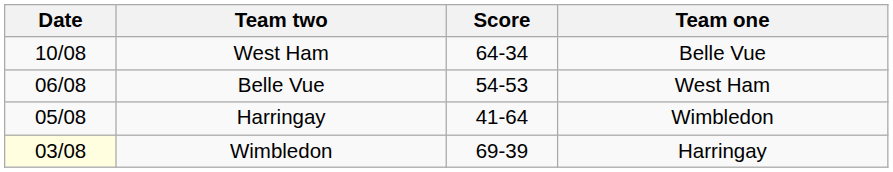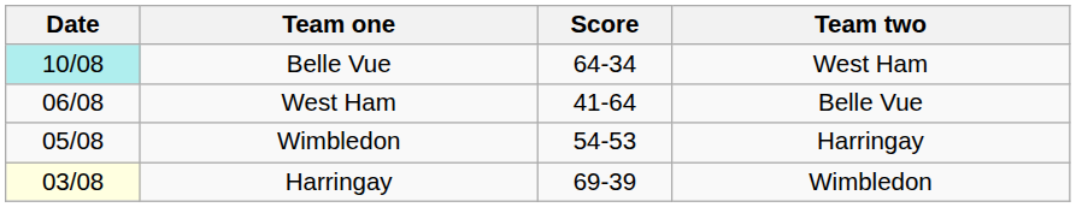 <table class="wikitable" style="text-align: center">
 <tr>
 <th width=80>Date</th>
+<th width=250>Team one</th>
+<th width=80>Score</th>
 <th width=250>Team two</th>
-<th width=80>Score</th>
-<th width=250>Team one</th>
 </tr>
 <tr>
-<td>10/08</td>
+<td style="background: paleturquoise;">10/08</td>
+<td>Belle Vue</td>
+<td>64-34</td>
 <td>West Ham</td>
-<td>64-34</td>
+</tr>
+<tr>
+<td>06/08</td>
+<td>West Ham</td>
+<td>41-64</td>
 <td>Belle Vue</td>
 </tr>
 <tr>
-<td>06/08</td>
-<td>Belle Vue</td>
+<td>05/08</td>
+<td>Wimbledon</td>
 <td>54-53</td>
-<td>West Ham</td>
-</tr>
-<tr>
-<td>05/08</td>
 <td>Harringay</td>
-<td>41-64</td>
-<td>Wimbledon</td>
 </tr>
 <tr>
 <td style="background: lightyellow;">03/08</td>
+<td>Harringay</td>
+<td>69-39</td>
 <td>Wimbledon</td>
-<td>69-39</td>
-<td>Harringay</td>
 </tr>
 </table>
